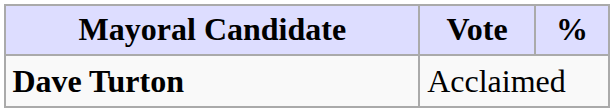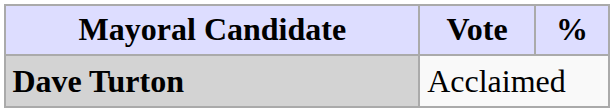 <table class="wikitable">
 <tr>
 <th style="background:#ddf; width:200px;">Mayoral Candidate</th>
 <th style="background:#ddf; width:50px;">Vote</th>
 <th style="background:#ddf; width:30px;">%</th>
 </tr>
 <tr>
-<td><strong>Dave Turton</strong></td>
+<td style="background: lightgrey;"><strong>Dave Turton</strong></td>
 <td colspan="2">Acclaimed</td>
 </tr>
 </table>
